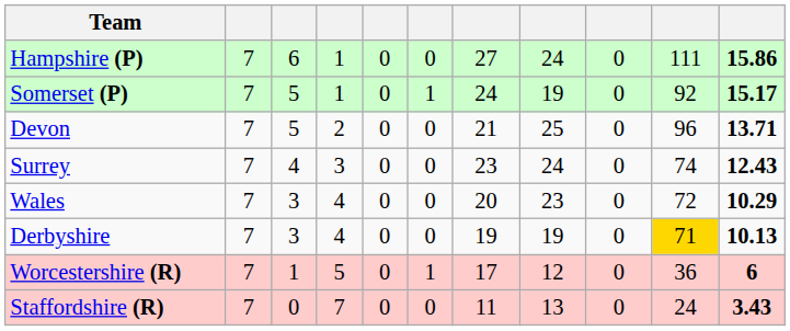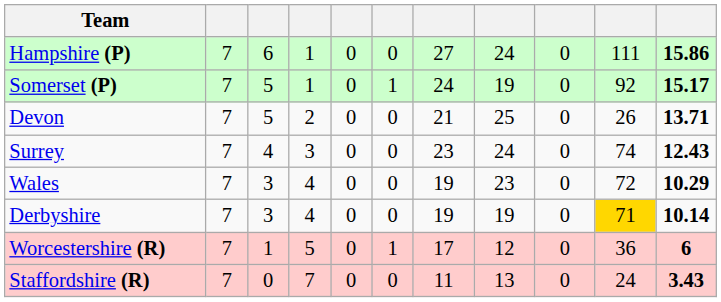 <table class="wikitable" style="text-align:center">
 <tr>
 <th width="150">Team</th>
 <th width="25"></th>
 <th width="25"></th>
 <th width="25"></th>
 <th width="25"></th>
 <th width="25"></th>
 <th width="40"></th>
 <th width="40"></th>
 <th width="40"></th>
 <th width="40"></th>
 <th width="40"></th>
 </tr>
 <tr style="background:#cfc;">
 <td style="text-align:left"><a href='#'>Hampshire</a> <strong>(P)</strong></td>
 <td>7</td>
 <td>6</td>
 <td>1</td>
 <td>0</td>
 <td>0</td>
 <td>27</td>
 <td>24</td>
 <td>0</td>
 <td>111</td>
 <td><strong>15.86</strong></td>
 </tr>
 <tr style="background:#cfc;">
 <td style="text-align:left"><a href='#'>Somerset</a> <strong>(P)</strong></td>
 <td>7</td>
 <td>5</td>
 <td>1</td>
 <td>0</td>
 <td>1</td>
 <td>24</td>
 <td>19</td>
 <td>0</td>
 <td>92</td>
 <td><strong>15.17</strong></td>
 </tr>
 <tr>
 <td style="text-align:left"><a href='#'>Devon</a></td>
 <td>7</td>
 <td>5</td>
 <td>2</td>
 <td>0</td>
 <td>0</td>
 <td>21</td>
 <td>25</td>
 <td>0</td>
-<td>96</td>
+<td>26</td>
 <td><strong>13.71</strong></td>
 </tr>
 <tr>
 <td style="text-align:left"><a href='#'>Surrey</a></td>
 <td>7</td>
 <td>4</td>
 <td>3</td>
 <td>0</td>
 <td>0</td>
 <td>23</td>
 <td>24</td>
 <td>0</td>
 <td>74</td>
 <td><strong>12.43</strong></td>
 </tr>
 <tr>
 <td style="text-align:left"><a href='#'>Wales</a></td>
 <td>7</td>
 <td>3</td>
 <td>4</td>
 <td>0</td>
 <td>0</td>
-<td>20</td>
+<td>19</td>
 <td>23</td>
 <td>0</td>
 <td>72</td>
 <td><strong>10.29</strong></td>
 </tr>
 <tr>
 <td style="text-align:left"><a href='#'>Derbyshire</a></td>
 <td>7</td>
 <td>3</td>
 <td>4</td>
 <td>0</td>
 <td>0</td>
 <td>19</td>
 <td>19</td>
 <td>0</td>
 <td style="background: gold;">71</td>
-<td><strong>10.13</strong></td>
+<td><strong>10.14</strong></td>
 </tr>
 <tr style="background:#FFCCCC">
 <td style="text-align:left"><a href='#'>Worcestershire</a> <strong>(R)</strong></td>
 <td>7</td>
 <td>1</td>
 <td>5</td>
 <td>0</td>
 <td>1</td>
 <td>17</td>
 <td>12</td>
 <td>0</td>
 <td>36</td>
 <td><strong>6</strong></td>
 </tr>
 <tr style="background:#FFCCCC">
 <td style="text-align:left"><a href='#'>Staffordshire</a> <strong>(R)</strong></td>
 <td>7</td>
 <td>0</td>
 <td>7</td>
 <td>0</td>
 <td>0</td>
 <td>11</td>
 <td>13</td>
 <td>0</td>
 <td>24</td>
 <td><strong>3.43</strong></td>
 </tr>
 </table>
